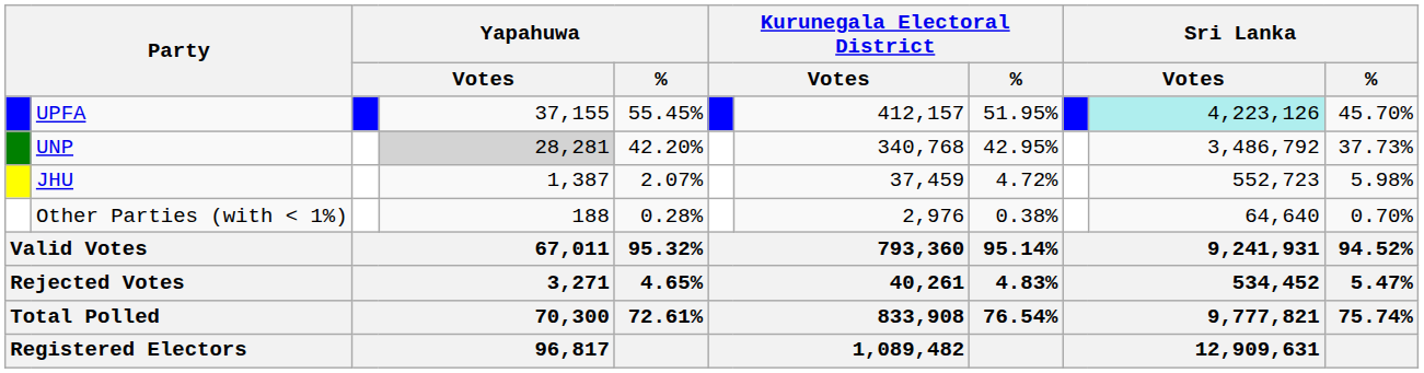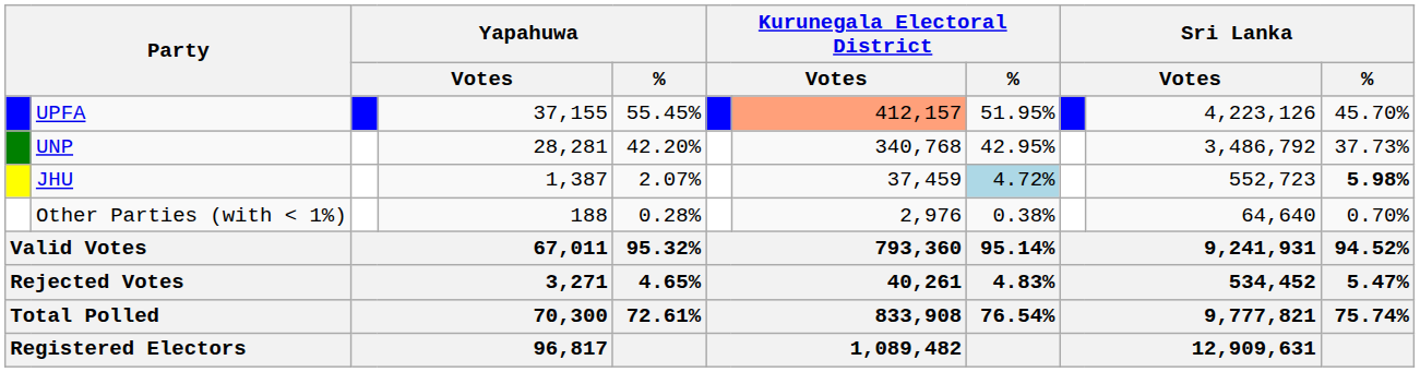 <table class="wikitable">
 <tr>
 <th colspan="2" width="144px"rowspan="2">Party</th>
 <th colspan="3" width="216px">Yapahuwa</th>
 <th colspan="3" width="216px"><a href='#'>Kurunegala Electoral District</a></th>
 <th colspan="3" width="216px">Sri Lanka</th>
 </tr>
 <tr>
 <th colspan="2" width="144px">Votes</th>
 <th>%</th>
 <th colspan="2" width="144px">Votes</th>
 <th>%</th>
 <th colspan="2" width="144px">Votes</th>
 <th>%</th>
 </tr>
 <tr>
 <td style="background-color:blue;" width="10px"></td>
 <td style="text-align:left;"><a href='#'>UPFA</a></td>
 <td style="background-color:blue;" width="10px"></td>
 <td style="text-align:right;">37,155</td>
 <td style="text-align:right;">55.45%</td>
 <td style="background-color:blue;" width="10px"></td>
-<td style="text-align:right;">412,157</td>
+<td style="background: lightsalmon; text-align:right;">412,157</td>
 <td style="text-align:right;">51.95%</td>
 <td style="background-color:blue;" width="10px"></td>
-<td style="background: paleturquoise; text-align:right;">4,223,126</td>
+<td style="text-align:right;">4,223,126</td>
 <td style="text-align:right;">45.70%</td>
 </tr>
 <tr>
 <td style="background-color:green;" width="10px"></td>
 <td style="text-align:left;"><a href='#'>UNP</a></td>
 <td style="background-color:white;" width="10px"></td>
-<td style="background: lightgrey; text-align:right;">28,281</td>
+<td style="text-align:right;">28,281</td>
 <td style="text-align:right;">42.20%</td>
 <td style="background-color:white;" width="10px"></td>
 <td style="text-align:right;">340,768</td>
 <td style="text-align:right;">42.95%</td>
 <td style="background-color:white;" width="10px"></td>
 <td style="text-align:right;">3,486,792</td>
 <td style="text-align:right;">37.73%</td>
 </tr>
 <tr>
 <td style="background-color:yellow;" width="10px"></td>
 <td style="text-align:left;"><a href='#'>JHU</a></td>
 <td style="background-color:white;" width="10px"></td>
 <td style="text-align:right;">1,387</td>
 <td style="text-align:right;">2.07%</td>
 <td style="background-color:white;" width="10px"></td>
 <td style="text-align:right;">37,459</td>
-<td style="text-align:right;">4.72%</td>
+<td style="background: lightblue; text-align:right;">4.72%</td>
 <td style="background-color:white;" width="10px"></td>
 <td style="text-align:right;">552,723</td>
-<td style="text-align:right;">5.98%</td>
+<td style="text-align:right;"><strong>5.98%</strong></td>
 </tr>
 <tr>
 <td style="background-color:white;" width="10px"></td>
 <td style="text-align:left;">Other Parties (with < 1%)</td>
 <td style="background-color:white;" width="10px"></td>
 <td style="text-align:right;">188</td>
 <td style="text-align:right;">0.28%</td>
 <td style="background-color:white;" width="10px"></td>
 <td style="text-align:right;">2,976</td>
 <td style="text-align:right;">0.38%</td>
 <td style="background-color:white;" width="10px"></td>
 <td style="text-align:right;">64,640</td>
 <td style="text-align:right;">0.70%</td>
 </tr>
 <tr>
 <th colspan="2" width="144px"style="text-align:left;">Valid Votes</th>
 <th style="text-align:right;"colspan="2" width="144px">67,011</th>
 <th style="text-align:right;">95.32%</th>
 <th style="text-align:right;"colspan="2" width="144px">793,360</th>
 <th style="text-align:right;">95.14%</th>
 <th style="text-align:right;"colspan="2" width="144px">9,241,931</th>
 <th style="text-align:right;">94.52%</th>
 </tr>
 <tr>
 <th colspan="2" width="144px"style="text-align:left;">Rejected Votes</th>
 <th style="text-align:right;"colspan="2" width="144px">3,271</th>
 <th style="text-align:right;">4.65%</th>
 <th style="text-align:right;"colspan="2" width="144px">40,261</th>
 <th style="text-align:right;">4.83%</th>
 <th style="text-align:right;"colspan="2" width="144px">534,452</th>
 <th style="text-align:right;">5.47%</th>
 </tr>
 <tr>
 <th colspan="2" width="144px"style="text-align:left;">Total Polled</th>
 <th style="text-align:right;"colspan="2" width="144px">70,300</th>
 <th style="text-align:right;">72.61%</th>
 <th style="text-align:right;"colspan="2" width="144px">833,908</th>
 <th style="text-align:right;">76.54%</th>
 <th style="text-align:right;"colspan="2" width="144px">9,777,821</th>
 <th style="text-align:right;">75.74%</th>
 </tr>
 <tr>
 <th colspan="2" width="144px"style="text-align:left;">Registered Electors</th>
 <th style="text-align:right;"colspan="2" width="144px">96,817</th>
 <th></th>
 <th style="text-align:right;"colspan="2" width="144px">1,089,482</th>
 <th></th>
 <th style="text-align:right;"colspan="2" width="144px">12,909,631</th>
 <th></th>
 </tr>
 </table>
